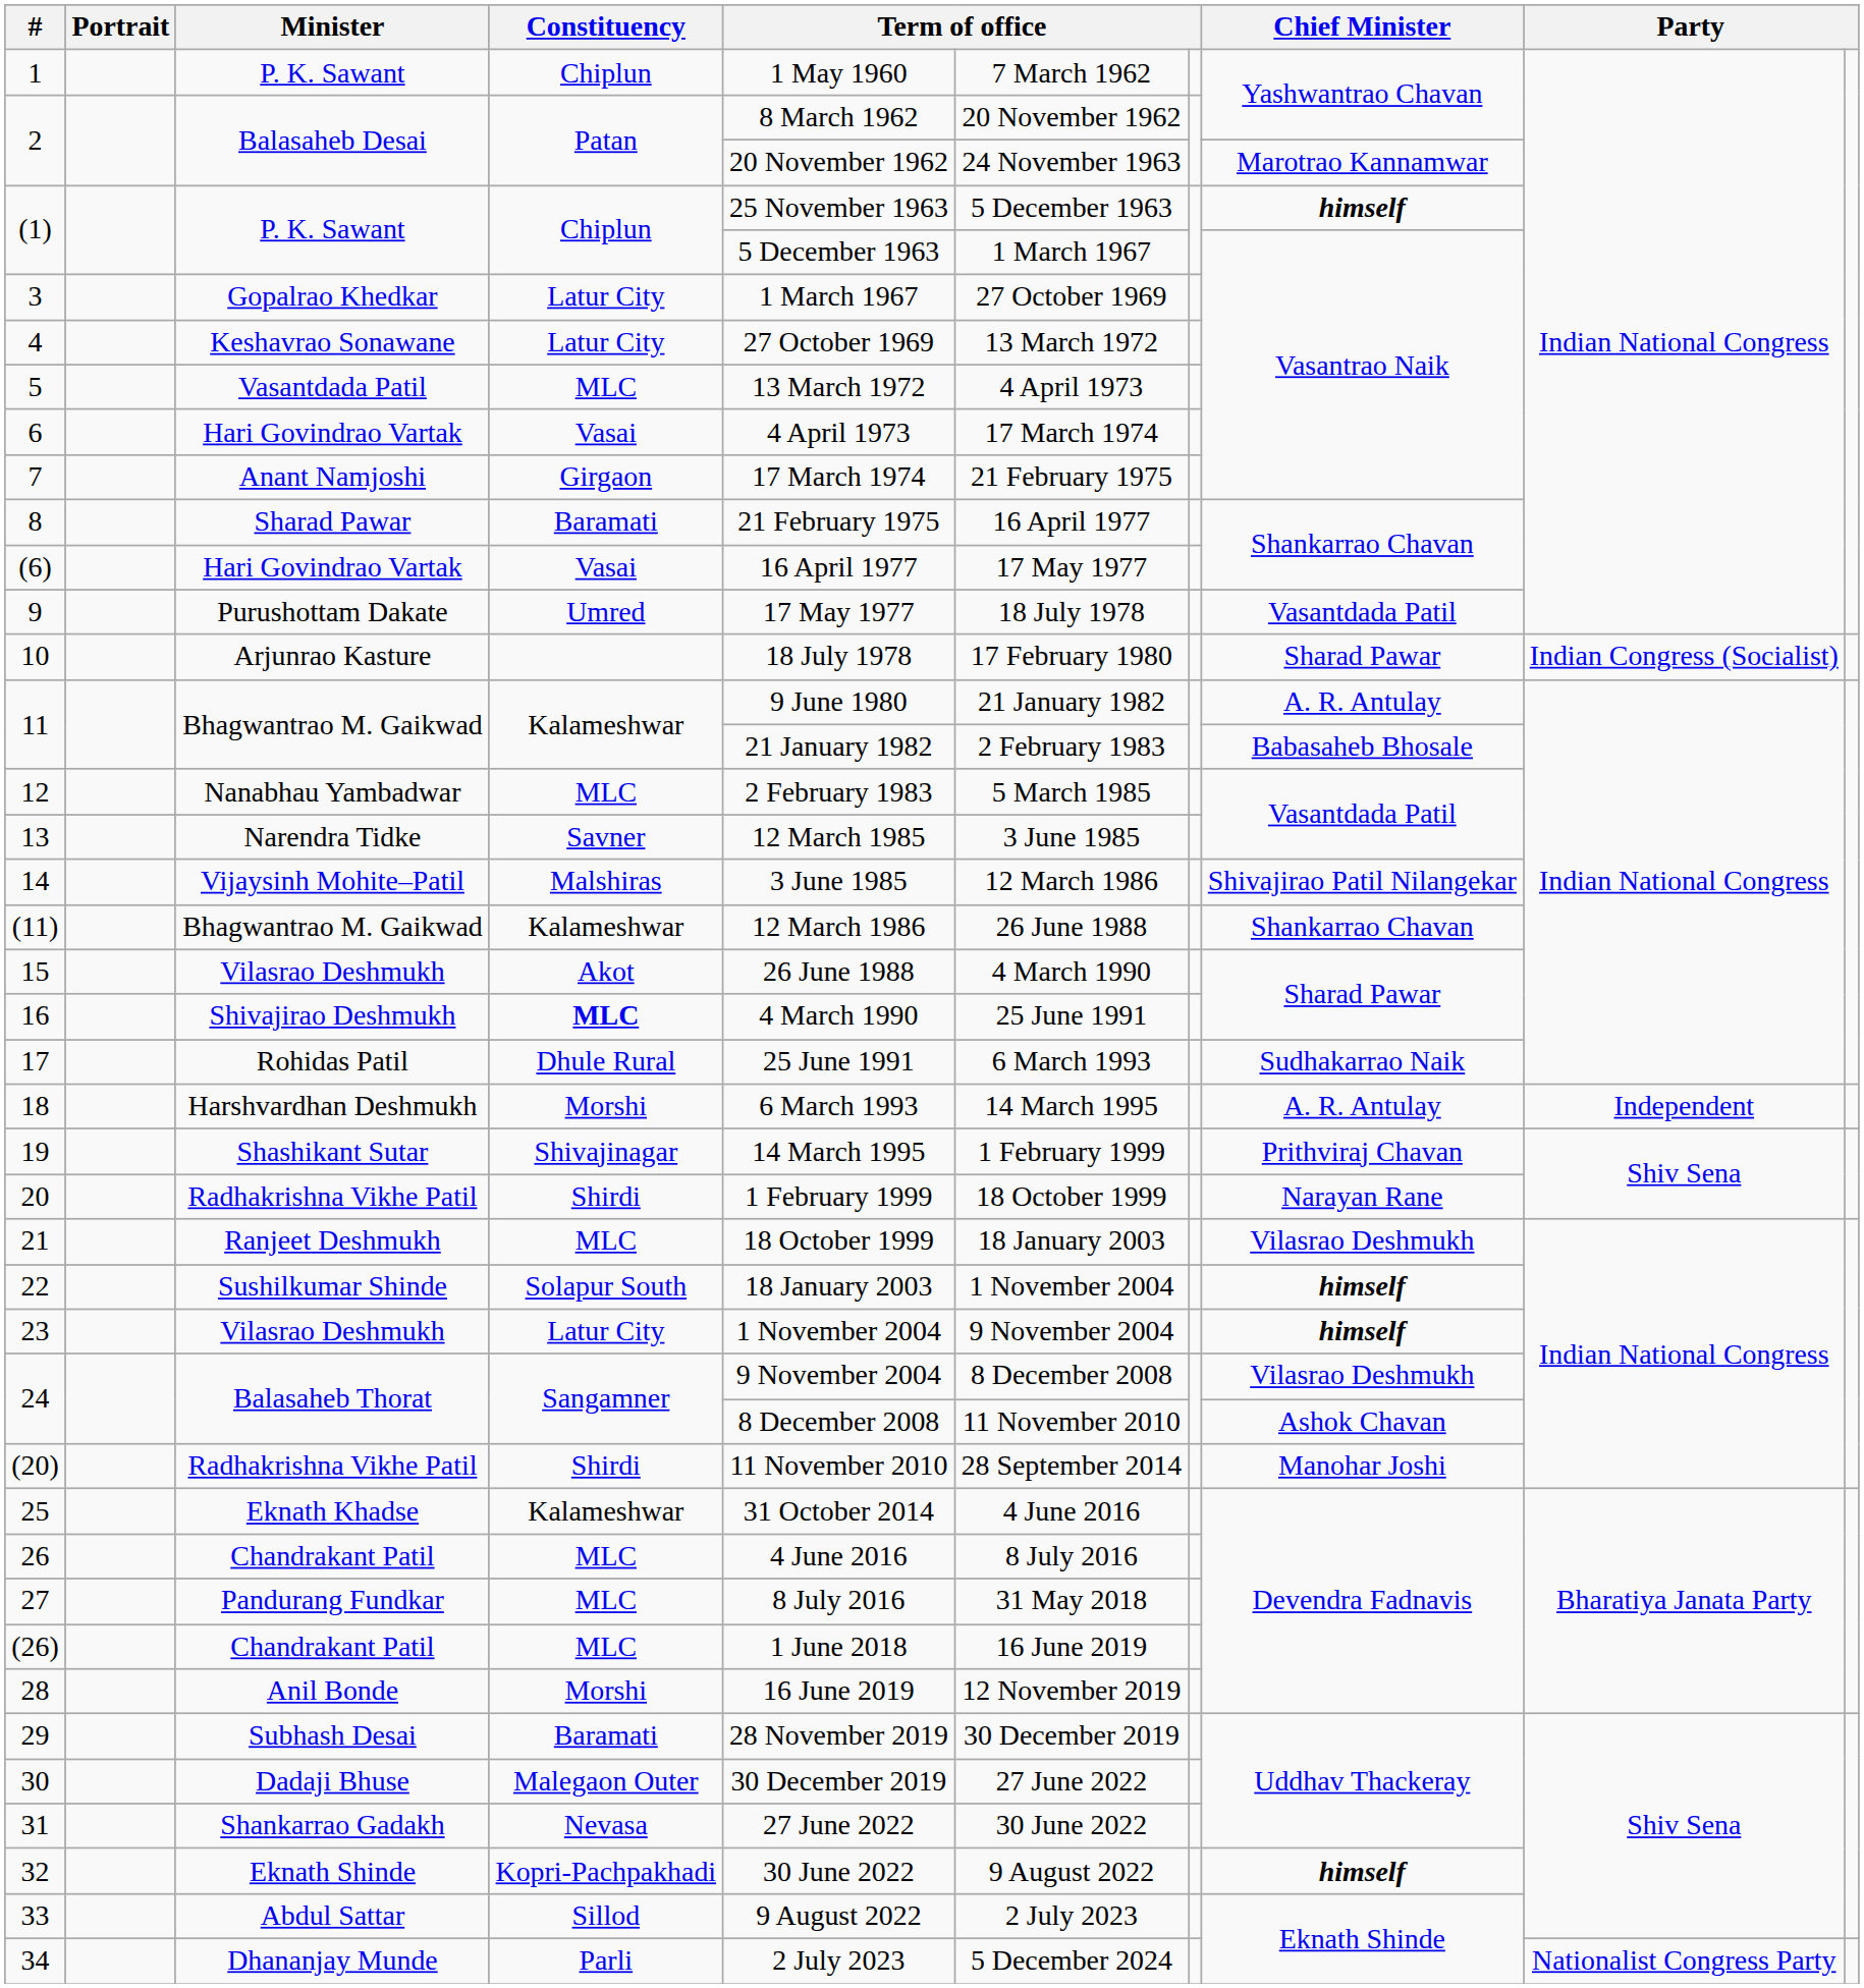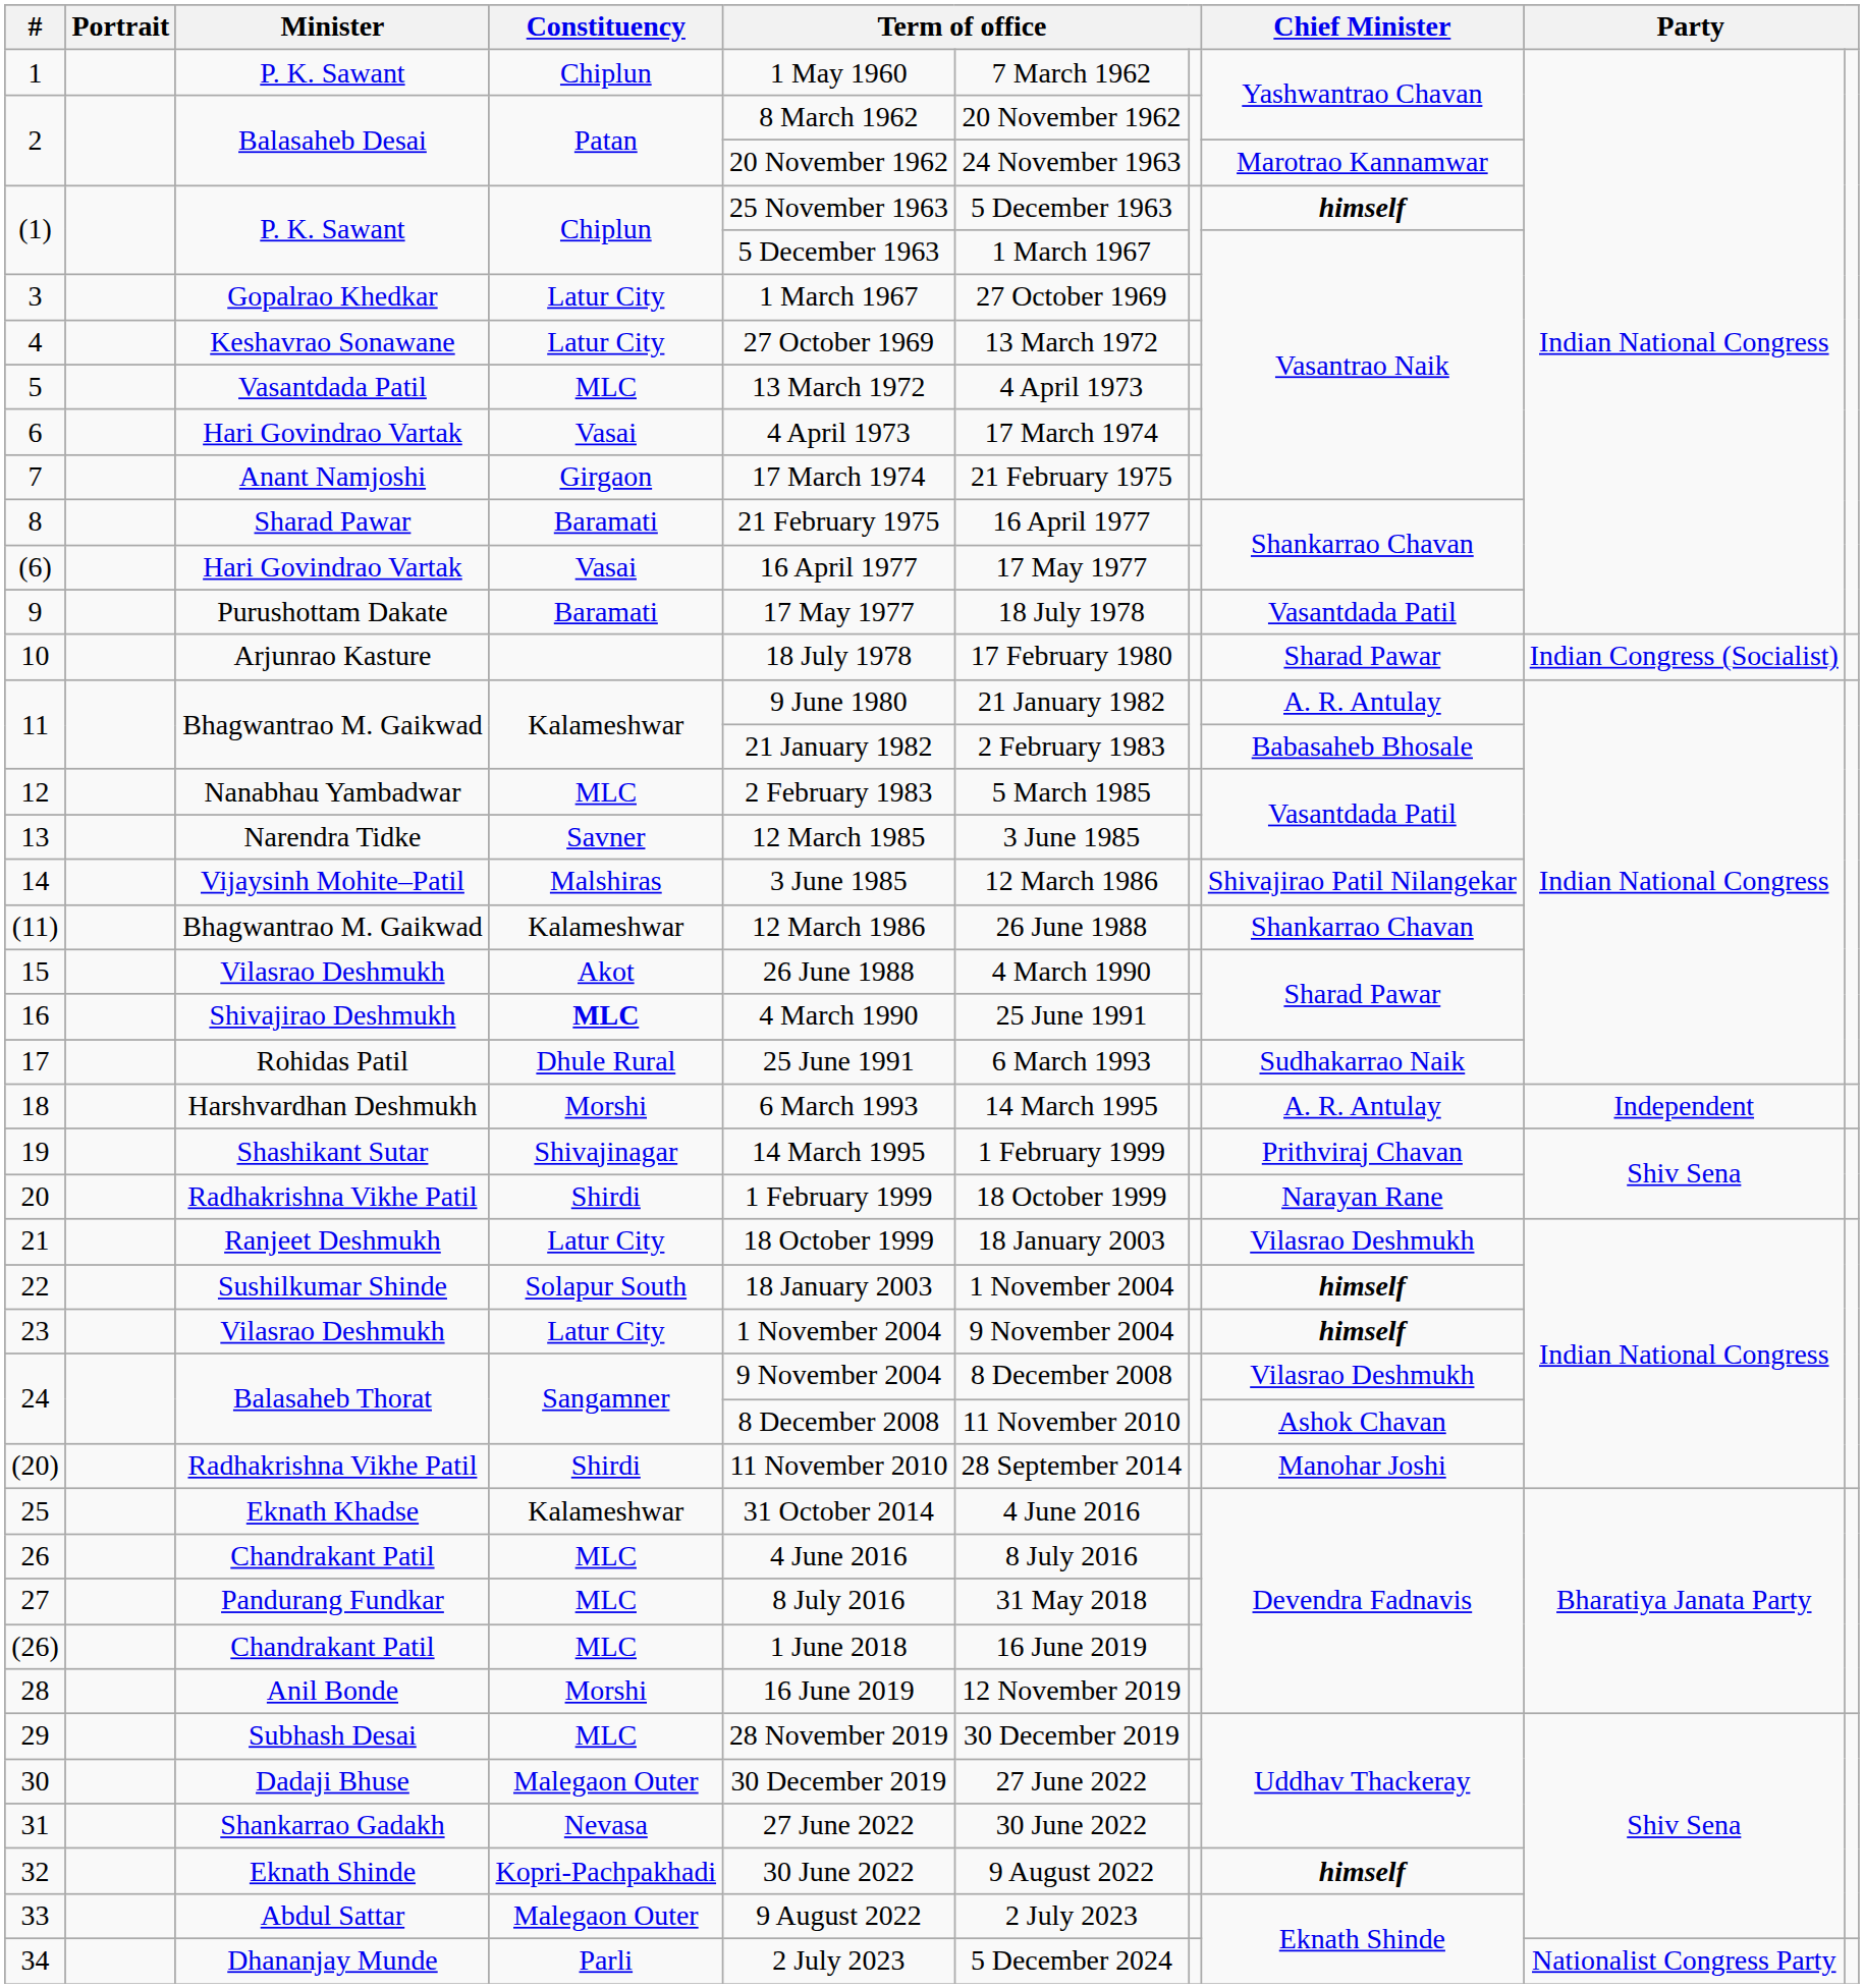 <table class="wikitable" style="text-align:center">
 <tr>
 <th>#</th>
 <th>Portrait</th>
 <th>Minister</th>
 <th><a href='#'>Constituency</a></th>
 <th colspan="3">Term of office</th>
 <th><a href='#'>Chief Minister</a></th>
 <th colspan="2">Party</th>
 </tr>
 <tr>
 <td>1</td>
 <td></td>
 <td><a href='#'>P. K. Sawant</a></td>
 <td><a href='#'>Chiplun</a></td>
 <td>1 May 1960</td>
 <td>7 March 1962</td>
 <td></td>
 <td rowspan="2"><a href='#'>Yashwantrao Chavan</a></td>
 <td rowspan="13"><a href='#'>Indian National Congress</a></td>
 <td rowspan="13" style="background-color: "></td>
 </tr>
 <tr>
 <td rowspan="2">2</td>
 <td rowspan="2"></td>
 <td rowspan="2"><a href='#'>Balasaheb Desai</a></td>
 <td rowspan="2"><a href='#'>Patan</a></td>
 <td>8 March 1962</td>
 <td>20 November 1962</td>
 <td rowspan="2"></td>
 </tr>
 <tr>
 <td>20 November 1962</td>
 <td>24 November 1963</td>
 <td><a href='#'>Marotrao Kannamwar</a></td>
 </tr>
 <tr>
 <td rowspan="2">(1)</td>
 <td rowspan="2"></td>
 <td rowspan="2"><a href='#'>P. K. Sawant</a></td>
 <td rowspan="2"><a href='#'>Chiplun</a></td>
 <td>25 November 1963</td>
 <td>5 December 1963</td>
 <td rowspan="2"></td>
 <td><strong><em>himself</em></strong></td>
 </tr>
 <tr>
 <td>5 December 1963</td>
 <td>1 March 1967</td>
 <td rowspan="6"><a href='#'>Vasantrao Naik</a></td>
 </tr>
 <tr>
 <td>3</td>
 <td></td>
 <td><a href='#'>Gopalrao Khedkar</a></td>
 <td><a href='#'>Latur City</a></td>
 <td>1 March 1967</td>
 <td>27 October 1969</td>
 <td></td>
 </tr>
 <tr>
 <td>4</td>
 <td></td>
 <td><a href='#'>Keshavrao Sonawane</a></td>
 <td><a href='#'>Latur City</a></td>
 <td>27 October 1969</td>
 <td>13 March 1972</td>
 <td></td>
 </tr>
 <tr>
 <td>5</td>
 <td></td>
 <td><a href='#'>Vasantdada Patil</a></td>
 <td><a href='#'>MLC</a></td>
 <td>13 March 1972</td>
 <td>4 April 1973</td>
 <td></td>
 </tr>
 <tr>
 <td>6</td>
 <td></td>
 <td><a href='#'>Hari Govindrao Vartak</a></td>
 <td><a href='#'>Vasai</a></td>
 <td>4 April 1973</td>
 <td>17 March 1974</td>
 <td></td>
 </tr>
 <tr>
 <td>7</td>
 <td></td>
 <td><a href='#'>Anant Namjoshi</a></td>
 <td><a href='#'>Girgaon</a></td>
 <td>17 March 1974</td>
 <td>21 February 1975</td>
 <td></td>
 </tr>
 <tr>
 <td>8</td>
 <td></td>
 <td><a href='#'>Sharad Pawar</a></td>
 <td><a href='#'>Baramati</a></td>
 <td>21 February 1975</td>
 <td>16 April 1977</td>
 <td></td>
 <td rowspan="2"><a href='#'>Shankarrao Chavan</a></td>
 </tr>
 <tr>
 <td>(6)</td>
 <td></td>
 <td><a href='#'>Hari Govindrao Vartak</a></td>
 <td><a href='#'>Vasai</a></td>
 <td>16 April 1977</td>
 <td>17 May 1977</td>
 <td></td>
 </tr>
 <tr>
 <td>9</td>
 <td></td>
 <td>Purushottam Dakate</td>
-<td><a href='#'>Umred</a></td>
+<td><a href='#'>Baramati</a></td>
 <td>17 May 1977</td>
 <td>18 July 1978</td>
 <td></td>
 <td><a href='#'>Vasantdada Patil</a></td>
 </tr>
 <tr>
 <td>10</td>
 <td></td>
 <td>Arjunrao Kasture</td>
 <td></td>
 <td>18 July 1978</td>
 <td>17 February 1980</td>
 <td></td>
 <td><a href='#'>Sharad Pawar</a></td>
 <td><a href='#'>Indian Congress (Socialist)</a></td>
 <td style="background-color: "></td>
 </tr>
 <tr>
 <td rowspan="2">11</td>
 <td rowspan="2"></td>
 <td rowspan="2">Bhagwantrao M. Gaikwad</td>
 <td rowspan="2">Kalameshwar</td>
 <td>9 June 1980</td>
 <td>21 January 1982</td>
 <td rowspan="2"></td>
 <td><a href='#'>A. R. Antulay</a></td>
 <td rowspan="9"><a href='#'>Indian National Congress</a></td>
 <td rowspan="9" style="background-color: "></td>
 </tr>
 <tr>
 <td>21 January 1982</td>
 <td>2 February 1983</td>
 <td><a href='#'>Babasaheb Bhosale</a></td>
 </tr>
 <tr>
 <td>12</td>
 <td></td>
 <td>Nanabhau Yambadwar</td>
 <td><a href='#'>MLC</a></td>
 <td>2 February 1983</td>
 <td>5 March 1985</td>
 <td></td>
 <td rowspan="2"><a href='#'>Vasantdada Patil</a></td>
 </tr>
 <tr>
 <td>13</td>
 <td></td>
 <td>Narendra Tidke</td>
 <td><a href='#'>Savner</a></td>
 <td>12 March 1985</td>
 <td>3 June 1985</td>
 <td></td>
 </tr>
 <tr>
 <td>14</td>
 <td></td>
 <td><a href='#'>Vijaysinh Mohite–Patil</a></td>
 <td><a href='#'>Malshiras</a></td>
 <td>3 June 1985</td>
 <td>12 March 1986</td>
 <td></td>
 <td><a href='#'>Shivajirao Patil Nilangekar</a></td>
 </tr>
 <tr>
 <td>(11)</td>
 <td></td>
 <td>Bhagwantrao M. Gaikwad</td>
 <td>Kalameshwar</td>
 <td>12 March 1986</td>
 <td>26 June 1988</td>
 <td></td>
 <td><a href='#'>Shankarrao Chavan</a></td>
 </tr>
 <tr>
 <td>15</td>
 <td></td>
 <td><a href='#'>Vilasrao Deshmukh</a></td>
 <td><a href='#'>Akot</a></td>
 <td>26 June 1988</td>
 <td>4 March 1990</td>
 <td></td>
 <td rowspan="2"><a href='#'>Sharad Pawar</a></td>
 </tr>
 <tr>
 <td>16</td>
 <td></td>
 <td><a href='#'>Shivajirao Deshmukh</a></td>
 <td><strong><a href='#'>MLC</a></strong></td>
 <td>4 March 1990</td>
 <td>25 June 1991</td>
 <td></td>
 </tr>
 <tr>
 <td>17</td>
 <td></td>
 <td>Rohidas Patil</td>
 <td><a href='#'>Dhule Rural</a></td>
 <td>25 June 1991</td>
 <td>6 March 1993</td>
 <td></td>
 <td><a href='#'>Sudhakarrao Naik</a></td>
 </tr>
 <tr>
 <td>18</td>
 <td></td>
 <td>Harshvardhan Deshmukh</td>
 <td><a href='#'>Morshi</a></td>
 <td>6 March 1993</td>
 <td>14 March 1995</td>
 <td></td>
 <td><a href='#'>A. R. Antulay</a></td>
 <td><a href='#'>Independent</a></td>
 <td style="background-color: "></td>
 </tr>
 <tr>
 <td>19</td>
 <td></td>
 <td><a href='#'>Shashikant Sutar</a></td>
 <td><a href='#'>Shivajinagar</a></td>
 <td>14 March 1995</td>
 <td>1 February 1999</td>
 <td></td>
 <td><a href='#'>Prithviraj Chavan</a></td>
 <td rowspan="2"><a href='#'>Shiv Sena</a></td>
 <td rowspan="2" style="background-color: "></td>
 </tr>
 <tr>
 <td>20</td>
 <td></td>
 <td><a href='#'>Radhakrishna Vikhe Patil</a></td>
 <td><a href='#'>Shirdi</a></td>
 <td>1 February 1999</td>
 <td>18 October 1999</td>
 <td></td>
 <td><a href='#'>Narayan Rane</a></td>
 </tr>
 <tr>
 <td>21</td>
 <td></td>
 <td><a href='#'>Ranjeet Deshmukh</a></td>
-<td><a href='#'>MLC</a></td>
+<td><a href='#'>Latur City</a></td>
 <td>18 October 1999</td>
 <td>18 January 2003</td>
 <td></td>
 <td><a href='#'>Vilasrao Deshmukh</a></td>
 <td rowspan="6"><a href='#'>Indian National Congress</a></td>
 <td rowspan="6" style="background-color: "></td>
 </tr>
 <tr>
 <td>22</td>
 <td></td>
 <td><a href='#'>Sushilkumar Shinde</a></td>
 <td><a href='#'>Solapur South</a></td>
 <td>18 January 2003</td>
 <td>1 November 2004</td>
 <td></td>
 <td><strong><em>himself</em></strong></td>
 </tr>
 <tr>
 <td>23</td>
 <td></td>
 <td><a href='#'>Vilasrao Deshmukh</a></td>
 <td><a href='#'>Latur City</a></td>
 <td>1 November 2004</td>
 <td>9 November 2004</td>
 <td></td>
 <td><strong><em>himself</em></strong></td>
 </tr>
 <tr>
 <td rowspan="2">24</td>
 <td rowspan="2"></td>
 <td rowspan="2"><a href='#'>Balasaheb Thorat</a></td>
 <td rowspan="2"><a href='#'>Sangamner</a></td>
 <td>9 November 2004</td>
 <td>8 December 2008</td>
 <td rowspan="2"></td>
 <td><a href='#'>Vilasrao Deshmukh</a></td>
 </tr>
 <tr>
 <td>8 December 2008</td>
 <td>11 November 2010</td>
 <td><a href='#'>Ashok Chavan</a></td>
 </tr>
 <tr>
 <td>(20)</td>
 <td></td>
 <td><a href='#'>Radhakrishna Vikhe Patil</a></td>
 <td><a href='#'>Shirdi</a></td>
 <td>11 November 2010</td>
 <td>28 September 2014</td>
 <td></td>
 <td><a href='#'>Manohar Joshi</a></td>
 </tr>
 <tr>
 <td>25</td>
 <td></td>
 <td><a href='#'>Eknath Khadse</a></td>
 <td>Kalameshwar</td>
 <td>31 October 2014</td>
 <td>4 June 2016</td>
 <td></td>
 <td rowspan="5"><a href='#'>Devendra Fadnavis</a></td>
 <td rowspan="5"><a href='#'>Bharatiya Janata Party</a></td>
 <td rowspan="5" style="background-color: "></td>
 </tr>
 <tr>
 <td>26</td>
 <td></td>
 <td><a href='#'>Chandrakant Patil</a></td>
 <td><a href='#'>MLC</a></td>
 <td>4 June 2016</td>
 <td>8 July 2016</td>
 <td></td>
 </tr>
 <tr>
 <td>27</td>
 <td></td>
 <td><a href='#'>Pandurang Fundkar</a></td>
 <td><a href='#'>MLC</a></td>
 <td>8 July 2016</td>
 <td>31 May 2018</td>
 <td></td>
 </tr>
 <tr>
 <td>(26)</td>
 <td></td>
 <td><a href='#'>Chandrakant Patil</a></td>
 <td><a href='#'>MLC</a></td>
 <td>1 June 2018</td>
 <td>16 June 2019</td>
 <td></td>
 </tr>
 <tr>
 <td>28</td>
 <td></td>
 <td><a href='#'>Anil Bonde</a></td>
 <td><a href='#'>Morshi</a></td>
 <td>16 June 2019</td>
 <td>12 November 2019</td>
 <td></td>
 </tr>
 <tr>
 <td>29</td>
 <td></td>
 <td><a href='#'>Subhash Desai</a></td>
-<td><a href='#'>Baramati</a></td>
+<td><a href='#'>MLC</a></td>
 <td>28 November 2019</td>
 <td>30 December 2019</td>
 <td></td>
 <td rowspan="3"><a href='#'>Uddhav Thackeray</a></td>
 <td rowspan="5"><a href='#'>Shiv Sena</a></td>
 <td rowspan="5" style="background-color: "></td>
 </tr>
 <tr>
 <td>30</td>
 <td></td>
 <td><a href='#'>Dadaji Bhuse</a></td>
 <td><a href='#'>Malegaon Outer</a></td>
 <td>30 December 2019</td>
 <td>27 June 2022</td>
 <td></td>
 </tr>
 <tr>
 <td>31</td>
 <td></td>
 <td><a href='#'>Shankarrao Gadakh</a></td>
 <td><a href='#'>Nevasa</a></td>
 <td>27 June 2022</td>
 <td>30 June 2022</td>
 <td></td>
 </tr>
 <tr>
 <td>32</td>
 <td></td>
 <td><a href='#'>Eknath Shinde</a></td>
 <td><a href='#'>Kopri-Pachpakhadi</a></td>
 <td>30 June 2022</td>
 <td>9 August 2022</td>
 <td></td>
 <td><strong><em>himself</em></strong></td>
 </tr>
 <tr>
 <td>33</td>
 <td></td>
 <td><a href='#'>Abdul Sattar</a></td>
-<td><a href='#'>Sillod</a></td>
+<td><a href='#'>Malegaon Outer</a></td>
 <td>9 August 2022</td>
 <td>2 July 2023</td>
 <td></td>
 <td rowspan="2"><a href='#'>Eknath Shinde</a></td>
 </tr>
 <tr>
 <td>34</td>
 <td></td>
 <td><a href='#'>Dhananjay Munde</a></td>
 <td><a href='#'>Parli</a></td>
 <td>2 July 2023</td>
 <td>5 December 2024</td>
 <td></td>
 <td><a href='#'>Nationalist Congress Party</a></td>
 <td style="background-color: "></td>
 </tr>
 <tr>
 </tr>
 </table>
